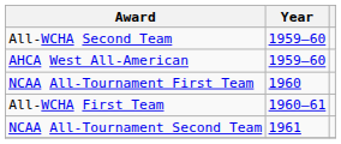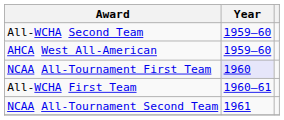 <table class="wikitable">
 <tr>
 <th>Award</th>
 <th>Year</th>
 <th></th>
 </tr>
 <tr>
 <td>All-<a href='#'>WCHA</a> <a href='#'>Second Team</a></td>
 <td><a href='#'>1959–60</a></td>
 <td></td>
 </tr>
 <tr>
 <td><a href='#'>AHCA</a> <a href='#'>West All-American</a></td>
 <td><a href='#'>1959–60</a></td>
 <td></td>
 </tr>
 <tr>
 <td><a href='#'>NCAA</a> <a href='#'>All-Tournament First Team</a></td>
-<td><a href='#'>1960</a></td>
+<td style="background: lavender;"><a href='#'>1960</a></td>
 <td></td>
 </tr>
 <tr>
 <td>All-<a href='#'>WCHA</a> <a href='#'>First Team</a></td>
 <td><a href='#'>1960–61</a></td>
 <td></td>
 </tr>
 <tr>
 <td><a href='#'>NCAA</a> <a href='#'>All-Tournament Second Team</a></td>
 <td><a href='#'>1961</a></td>
 <td></td>
 </tr>
 <tr>
 </tr>
 </table>
